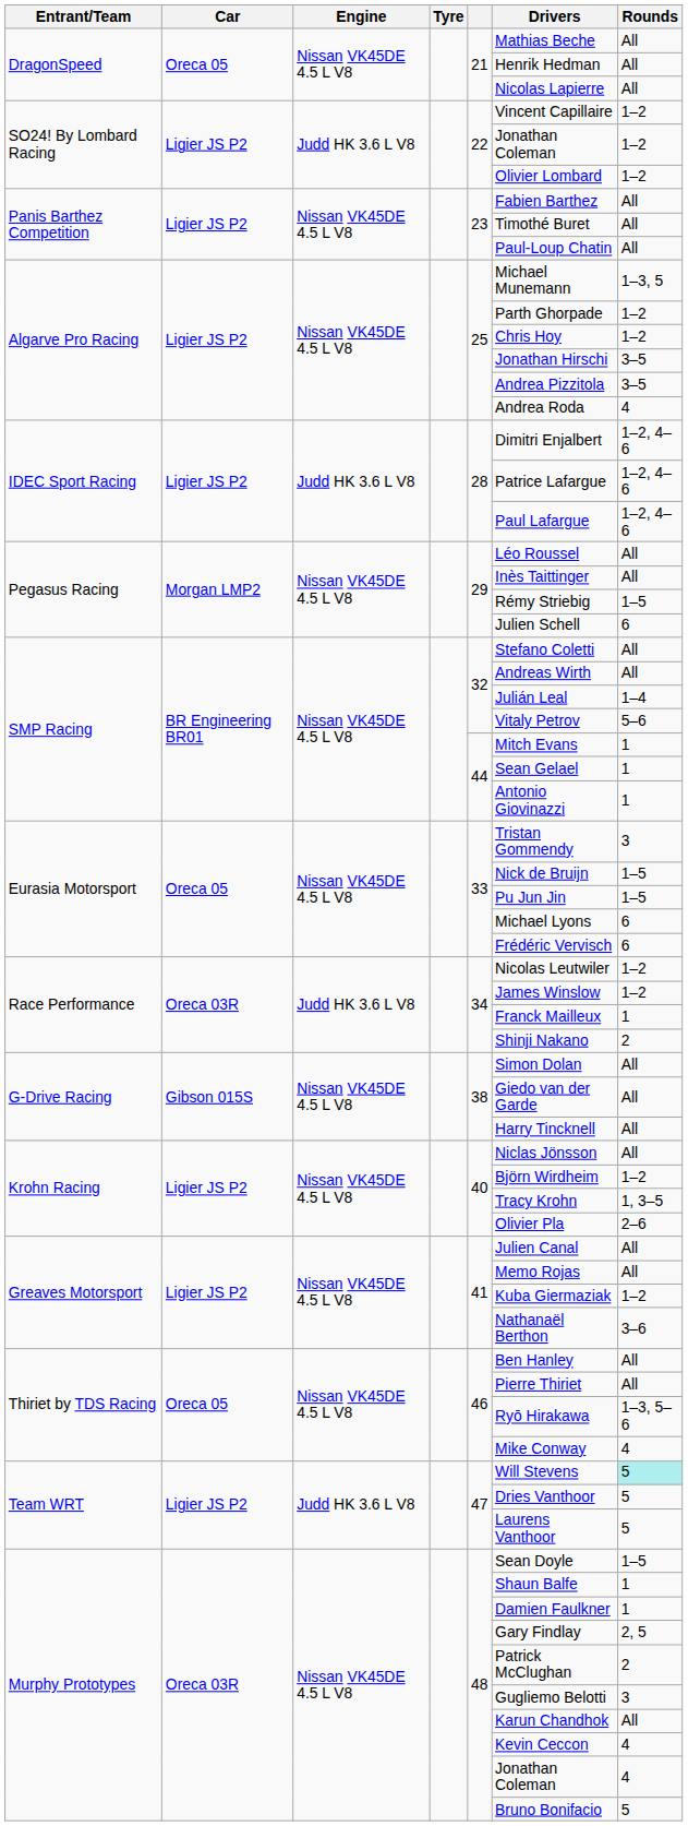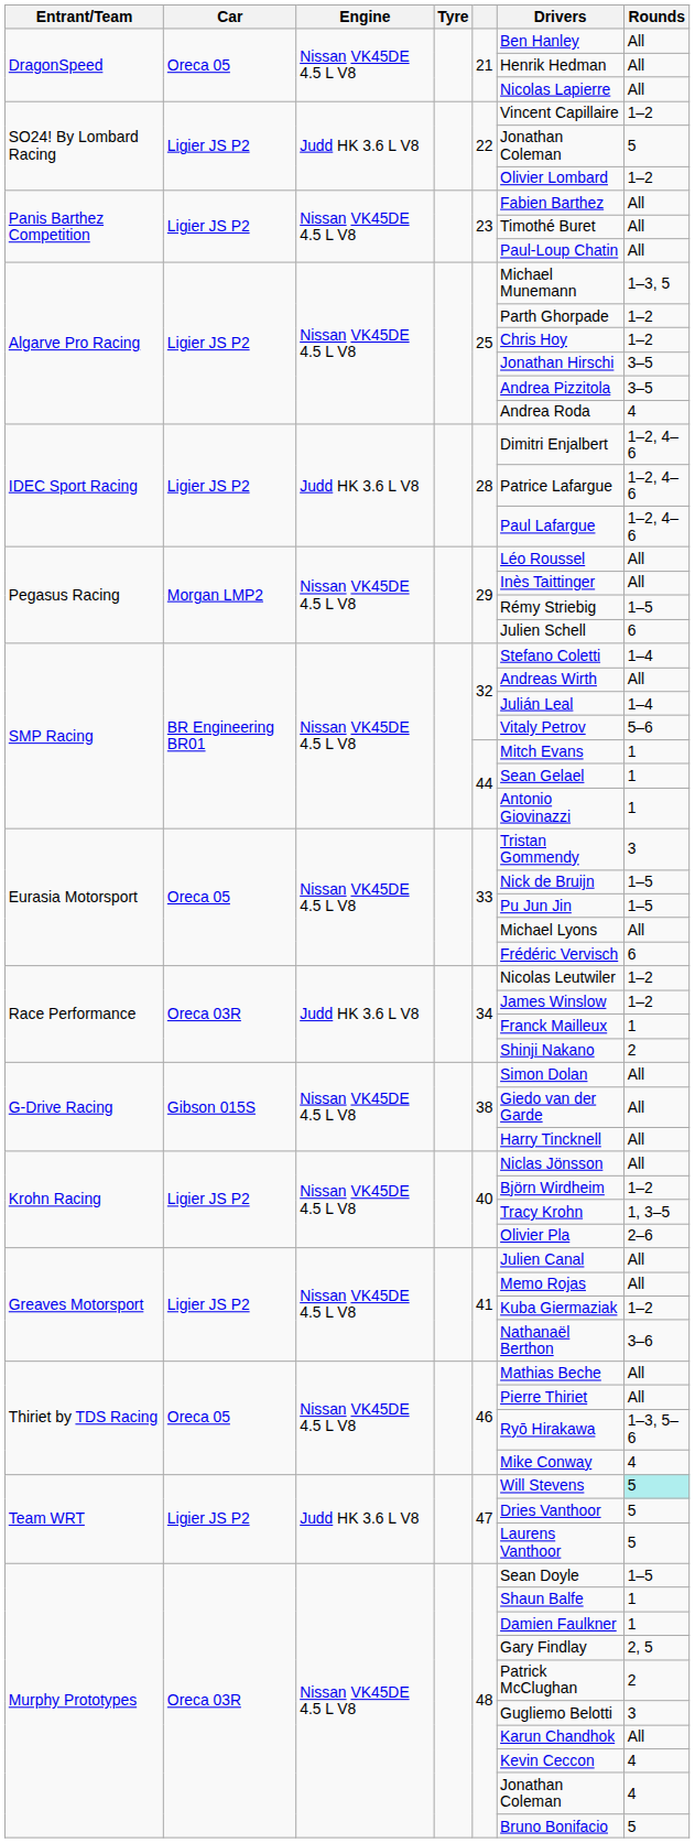 <table class="wikitable" style="font-size: 85%">
 <tr>
 <th>Entrant/Team</th>
 <th>Car</th>
 <th>Engine</th>
 <th>Tyre</th>
 <th></th>
 <th>Drivers</th>
 <th>Rounds</th>
 </tr>
 <tr>
 <td rowspan=3> <a href='#'>DragonSpeed</a></td>
 <td rowspan=3><a href='#'>Oreca 05</a></td>
 <td rowspan=3><a href='#'>Nissan</a> <a href='#'>VK45DE</a> 4.5 L V8</td>
 <td rowspan=3></td>
 <td rowspan=3>21</td>
-<td> <a href='#'>Mathias Beche</a></td>
+<td> <a href='#'>Ben Hanley</a></td>
 <td>All</td>
 </tr>
 <tr>
 <td> Henrik Hedman</td>
 <td>All</td>
 </tr>
 <tr>
 <td> <a href='#'>Nicolas Lapierre</a></td>
 <td>All</td>
 </tr>
 <tr>
 <td rowspan=3> SO24! By Lombard Racing</td>
 <td rowspan=3><a href='#'>Ligier JS P2</a></td>
 <td rowspan=3><a href='#'>Judd</a> HK 3.6 L V8</td>
 <td rowspan=3></td>
 <td rowspan=3>22</td>
 <td> Vincent Capillaire</td>
 <td>1–2</td>
 </tr>
 <tr>
 <td> Jonathan Coleman</td>
-<td>1–2</td>
+<td>5</td>
 </tr>
 <tr>
 <td> <a href='#'>Olivier Lombard</a></td>
 <td>1–2</td>
 </tr>
 <tr>
 <td rowspan=3> <a href='#'>Panis Barthez Competition</a></td>
 <td rowspan=3><a href='#'>Ligier JS P2</a></td>
 <td rowspan=3><a href='#'>Nissan</a> <a href='#'>VK45DE</a> 4.5 L V8</td>
 <td rowspan=3></td>
 <td rowspan=3>23</td>
 <td> <a href='#'>Fabien Barthez</a></td>
 <td>All</td>
 </tr>
 <tr>
 <td> Timothé Buret</td>
 <td>All</td>
 </tr>
 <tr>
 <td> <a href='#'>Paul-Loup Chatin</a></td>
 <td>All</td>
 </tr>
 <tr>
 <td rowspan=6> <a href='#'>Algarve Pro Racing</a></td>
 <td rowspan=6><a href='#'>Ligier JS P2</a></td>
 <td rowspan=6><a href='#'>Nissan</a> <a href='#'>VK45DE</a> 4.5 L V8</td>
 <td rowspan=6></td>
 <td rowspan=6>25</td>
 <td> Michael Munemann</td>
 <td>1–3, 5</td>
 </tr>
 <tr>
 <td> Parth Ghorpade</td>
 <td>1–2</td>
 </tr>
 <tr>
 <td> <a href='#'>Chris Hoy</a></td>
 <td>1–2</td>
 </tr>
 <tr>
 <td> <a href='#'>Jonathan Hirschi</a></td>
 <td>3–5</td>
 </tr>
 <tr>
 <td> <a href='#'>Andrea Pizzitola</a></td>
 <td>3–5</td>
 </tr>
 <tr>
 <td> Andrea Roda</td>
 <td>4</td>
 </tr>
 <tr>
 <td rowspan=3> <a href='#'>IDEC Sport Racing</a></td>
 <td rowspan=3><a href='#'>Ligier JS P2</a></td>
 <td rowspan=3><a href='#'>Judd</a> HK 3.6 L V8</td>
 <td rowspan=3></td>
 <td rowspan=3>28</td>
 <td> Dimitri Enjalbert</td>
 <td>1–2, 4–6</td>
 </tr>
 <tr>
 <td> Patrice Lafargue</td>
 <td>1–2, 4–6</td>
 </tr>
 <tr>
 <td> <a href='#'>Paul Lafargue</a></td>
 <td>1–2, 4–6</td>
 </tr>
 <tr>
 <td rowspan=4> Pegasus Racing</td>
 <td rowspan=4><a href='#'>Morgan LMP2</a></td>
 <td rowspan=4><a href='#'>Nissan</a> <a href='#'>VK45DE</a> 4.5 L V8</td>
 <td rowspan=4></td>
 <td rowspan=4>29</td>
 <td> <a href='#'>Léo Roussel</a></td>
 <td>All</td>
 </tr>
 <tr>
 <td> <a href='#'>Inès Taittinger</a></td>
 <td>All</td>
 </tr>
 <tr>
 <td> Rémy Striebig</td>
 <td>1–5</td>
 </tr>
 <tr>
 <td> Julien Schell</td>
 <td>6</td>
 </tr>
 <tr>
 <td rowspan=7> <a href='#'>SMP Racing</a></td>
 <td rowspan=7><a href='#'>BR Engineering BR01</a></td>
 <td rowspan=7><a href='#'>Nissan</a> <a href='#'>VK45DE</a> 4.5 L V8</td>
 <td rowspan=7></td>
 <td rowspan=4>32</td>
 <td> <a href='#'>Stefano Coletti</a></td>
-<td>All</td>
+<td>1–4</td>
 </tr>
 <tr>
 <td> <a href='#'>Andreas Wirth</a></td>
 <td>All</td>
 </tr>
 <tr>
 <td> <a href='#'>Julián Leal</a></td>
 <td>1–4</td>
 </tr>
 <tr>
 <td> <a href='#'>Vitaly Petrov</a></td>
 <td>5–6</td>
 </tr>
 <tr>
 <td rowspan=3>44</td>
 <td> <a href='#'>Mitch Evans</a></td>
 <td>1</td>
 </tr>
 <tr>
 <td> <a href='#'>Sean Gelael</a></td>
 <td>1</td>
 </tr>
 <tr>
 <td> <a href='#'>Antonio Giovinazzi</a></td>
 <td>1</td>
 </tr>
 <tr>
 <td rowspan=5> Eurasia Motorsport</td>
 <td rowspan=5><a href='#'>Oreca 05</a></td>
 <td rowspan=5><a href='#'>Nissan</a> <a href='#'>VK45DE</a> 4.5 L V8</td>
 <td rowspan=5></td>
 <td rowspan=5>33</td>
 <td> <a href='#'>Tristan Gommendy</a></td>
 <td>3</td>
 </tr>
 <tr>
 <td> <a href='#'>Nick de Bruijn</a></td>
 <td>1–5</td>
 </tr>
 <tr>
 <td> <a href='#'>Pu Jun Jin</a></td>
 <td>1–5</td>
 </tr>
 <tr>
 <td> Michael Lyons</td>
-<td>6</td>
+<td>All</td>
 </tr>
 <tr>
 <td> <a href='#'>Frédéric Vervisch</a></td>
 <td>6</td>
 </tr>
 <tr>
 <td rowspan=4> Race Performance</td>
 <td rowspan=4><a href='#'>Oreca 03R</a></td>
 <td rowspan=4><a href='#'>Judd</a> HK 3.6 L V8</td>
 <td rowspan=4></td>
 <td rowspan=4>34</td>
 <td> Nicolas Leutwiler</td>
 <td>1–2</td>
 </tr>
 <tr>
 <td> <a href='#'>James Winslow</a></td>
 <td>1–2</td>
 </tr>
 <tr>
 <td> <a href='#'>Franck Mailleux</a></td>
 <td>1</td>
 </tr>
 <tr>
 <td> <a href='#'>Shinji Nakano</a></td>
 <td>2</td>
 </tr>
 <tr>
 <td rowspan=3> <a href='#'>G-Drive Racing</a></td>
 <td rowspan=3><a href='#'>Gibson 015S</a></td>
 <td rowspan=3><a href='#'>Nissan</a> <a href='#'>VK45DE</a> 4.5 L V8</td>
 <td rowspan=3></td>
 <td rowspan=3>38</td>
 <td> <a href='#'>Simon Dolan</a></td>
 <td>All</td>
 </tr>
 <tr>
 <td> <a href='#'>Giedo van der Garde</a></td>
 <td>All</td>
 </tr>
 <tr>
 <td> <a href='#'>Harry Tincknell</a></td>
 <td>All</td>
 </tr>
 <tr>
 <td rowspan=4> <a href='#'>Krohn Racing</a></td>
 <td rowspan=4><a href='#'>Ligier JS P2</a></td>
 <td rowspan=4><a href='#'>Nissan</a> <a href='#'>VK45DE</a> 4.5 L V8</td>
 <td rowspan=4></td>
 <td rowspan=4>40</td>
 <td> <a href='#'>Niclas Jönsson</a></td>
 <td>All</td>
 </tr>
 <tr>
 <td> <a href='#'>Björn Wirdheim</a></td>
 <td>1–2</td>
 </tr>
 <tr>
 <td> <a href='#'>Tracy Krohn</a></td>
 <td>1, 3–5</td>
 </tr>
 <tr>
 <td> <a href='#'>Olivier Pla</a></td>
 <td>2–6</td>
 </tr>
 <tr>
 <td rowspan=4> <a href='#'>Greaves Motorsport</a></td>
 <td rowspan=4><a href='#'>Ligier JS P2</a></td>
 <td rowspan=4><a href='#'>Nissan</a> <a href='#'>VK45DE</a> 4.5 L V8</td>
 <td rowspan=4></td>
 <td rowspan=4>41</td>
 <td> <a href='#'>Julien Canal</a></td>
 <td>All</td>
 </tr>
 <tr>
 <td> <a href='#'>Memo Rojas</a></td>
 <td>All</td>
 </tr>
 <tr>
 <td> <a href='#'>Kuba Giermaziak</a></td>
 <td>1–2</td>
 </tr>
 <tr>
 <td> <a href='#'>Nathanaël Berthon</a></td>
 <td>3–6</td>
 </tr>
 <tr>
 <td rowspan=4> Thiriet by <a href='#'>TDS Racing</a></td>
 <td rowspan=4><a href='#'>Oreca 05</a></td>
 <td rowspan=4><a href='#'>Nissan</a> <a href='#'>VK45DE</a> 4.5 L V8</td>
 <td rowspan=4></td>
 <td rowspan=4>46</td>
-<td> <a href='#'>Ben Hanley</a></td>
+<td> <a href='#'>Mathias Beche</a></td>
 <td>All</td>
 </tr>
 <tr>
 <td> <a href='#'>Pierre Thiriet</a></td>
 <td>All</td>
 </tr>
 <tr>
 <td> <a href='#'>Ryō Hirakawa</a></td>
 <td>1–3, 5–6</td>
 </tr>
 <tr>
 <td> <a href='#'>Mike Conway</a></td>
 <td>4</td>
 </tr>
 <tr>
 <td rowspan=3> <a href='#'>Team WRT</a></td>
 <td rowspan=3><a href='#'>Ligier JS P2</a></td>
 <td rowspan=3><a href='#'>Judd</a> HK 3.6 L V8</td>
 <td rowspan=3></td>
 <td rowspan=3>47</td>
 <td> <a href='#'>Will Stevens</a></td>
 <td style="background: paleturquoise;">5</td>
 </tr>
 <tr>
 <td> <a href='#'>Dries Vanthoor</a></td>
 <td>5</td>
 </tr>
 <tr>
 <td> <a href='#'>Laurens Vanthoor</a></td>
 <td>5</td>
 </tr>
 <tr>
 <td rowspan=10> <a href='#'>Murphy Prototypes</a></td>
 <td rowspan=10><a href='#'>Oreca 03R</a></td>
 <td rowspan=10><a href='#'>Nissan</a> <a href='#'>VK45DE</a> 4.5 L V8</td>
 <td rowspan=10></td>
 <td rowspan=10>48</td>
 <td> Sean Doyle</td>
 <td>1–5</td>
 </tr>
 <tr>
 <td> <a href='#'>Shaun Balfe</a></td>
 <td>1</td>
 </tr>
 <tr>
 <td> <a href='#'>Damien Faulkner</a></td>
 <td>1</td>
 </tr>
 <tr>
 <td> Gary Findlay</td>
 <td>2, 5</td>
 </tr>
 <tr>
 <td> Patrick McClughan</td>
 <td>2</td>
 </tr>
 <tr>
 <td> Gugliemo Belotti</td>
 <td>3</td>
 </tr>
 <tr>
 <td> <a href='#'>Karun Chandhok</a></td>
 <td>All</td>
 </tr>
 <tr>
 <td> <a href='#'>Kevin Ceccon</a></td>
 <td>4</td>
 </tr>
 <tr>
 <td> Jonathan Coleman</td>
 <td>4</td>
 </tr>
 <tr>
 <td> <a href='#'>Bruno Bonifacio</a></td>
 <td>5</td>
 </tr>
 </table>
